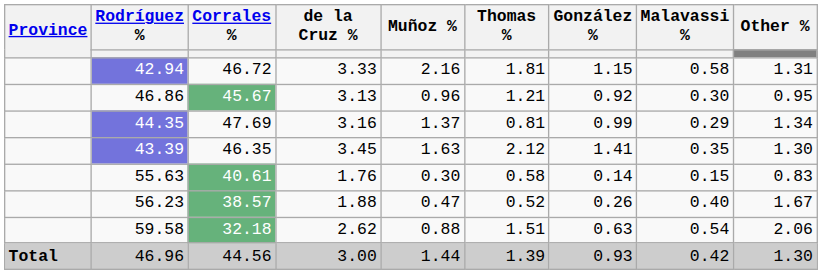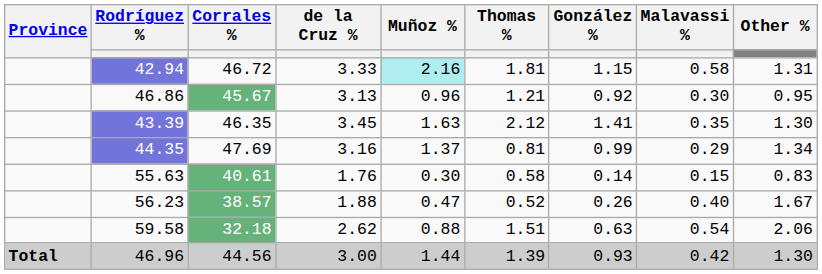 <table class="wikitable sortable" style="text-align:right; font-size:95%">
 <tr>
 <th rowspan=2><a href='#'>Province</a></th>
 <th width=60px><a href='#'>Rodríguez</a> %</th>
 <th width=60px><a href='#'>Corrales</a> %</th>
 <th width=80px>de la Cruz %</th>
 <th width=60px>Muñoz %</th>
 <th width=60px>Thomas %</th>
 <th width=60px>González %</th>
 <th width=60px>Malavassi %</th>
 <th width=60px>Other %</th>
 </tr>
 <tr>
 <th style="background:"></th>
 <th style="background:"></th>
 <th style="background:"></th>
 <th style="background:"></th>
 <th style="background:"></th>
 <th style="background:"></th>
 <th style="background:"></th>
 <th style="background:grey"></th>
 </tr>
 <tr>
 <td align="left"></td>
 <td style="background:#7373dc; color:white;">42.94</td>
 <td style="background:">46.72</td>
 <td>3.33</td>
-<td>2.16</td>
+<td style="background: paleturquoise;">2.16</td>
 <td>1.81</td>
 <td>1.15</td>
 <td>0.58</td>
 <td>1.31</td>
 </tr>
 <tr>
 <td align="left"></td>
 <td style="background:">46.86</td>
 <td style="background:#66B27B; color:white;">45.67</td>
 <td>3.13</td>
 <td>0.96</td>
 <td>1.21</td>
 <td>0.92</td>
 <td>0.30</td>
 <td>0.95</td>
 </tr>
 <tr>
 <td align="left"></td>
+<td style="background:#7373dc; color:white;">43.39</td>
+<td style="background:">46.35</td>
+<td>3.45</td>
+<td>1.63</td>
+<td>2.12</td>
+<td>1.41</td>
+<td>0.35</td>
+<td>1.30</td>
+</tr>
+<tr>
+<td align="left"></td>
 <td style="background:#7373dc; color:white;">44.35</td>
 <td style="background:">47.69</td>
 <td>3.16</td>
 <td>1.37</td>
 <td>0.81</td>
 <td>0.99</td>
 <td>0.29</td>
 <td>1.34</td>
-</tr>
-<tr>
-<td align="left"></td>
-<td style="background:#7373dc; color:white;">43.39</td>
-<td style="background:">46.35</td>
-<td>3.45</td>
-<td>1.63</td>
-<td>2.12</td>
-<td>1.41</td>
-<td>0.35</td>
-<td>1.30</td>
 </tr>
 <tr>
 <td align="left"></td>
 <td style="background:">55.63</td>
 <td style="background:#66B27B; color:white;">40.61</td>
 <td>1.76</td>
 <td>0.30</td>
 <td>0.58</td>
 <td>0.14</td>
 <td>0.15</td>
 <td>0.83</td>
 </tr>
 <tr>
 <td align="left"></td>
 <td style="background:">56.23</td>
 <td style="background:#66B27B; color:white;">38.57</td>
 <td>1.88</td>
 <td>0.47</td>
 <td>0.52</td>
 <td>0.26</td>
 <td>0.40</td>
 <td>1.67</td>
 </tr>
 <tr>
 <td align="left"></td>
 <td style="background:">59.58</td>
 <td style="background:#66B27B; color:white;">32.18</td>
 <td>2.62</td>
 <td>0.88</td>
 <td>1.51</td>
 <td>0.63</td>
 <td>0.54</td>
 <td>2.06</td>
 </tr>
 <tr style="background:#CDCDCD;">
 <td align="left"><strong>Total</strong></td>
 <td style="background:">46.96</td>
 <td>44.56</td>
 <td>3.00</td>
 <td>1.44</td>
 <td>1.39</td>
 <td>0.93</td>
 <td>0.42</td>
 <td>1.30</td>
 </tr>
 </table>
